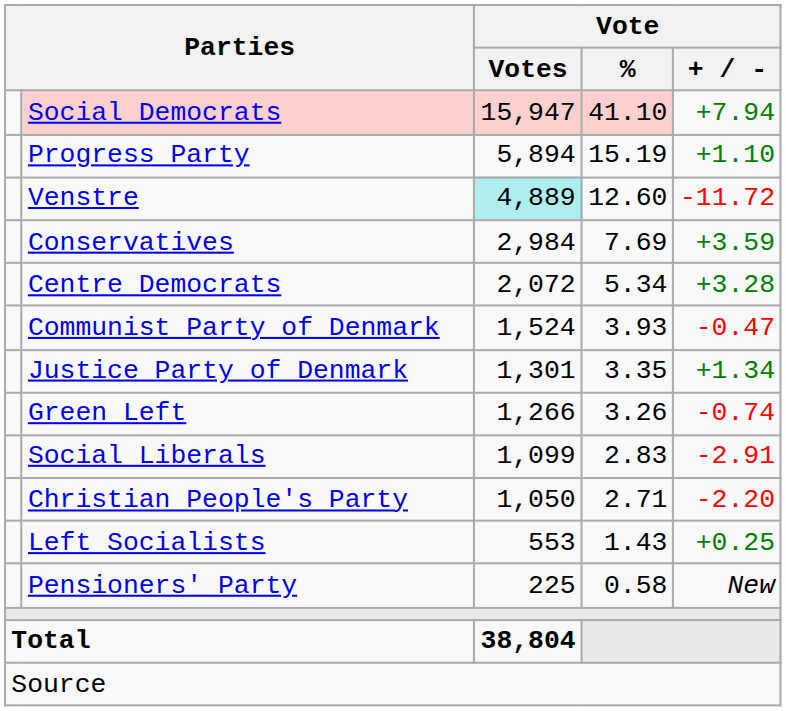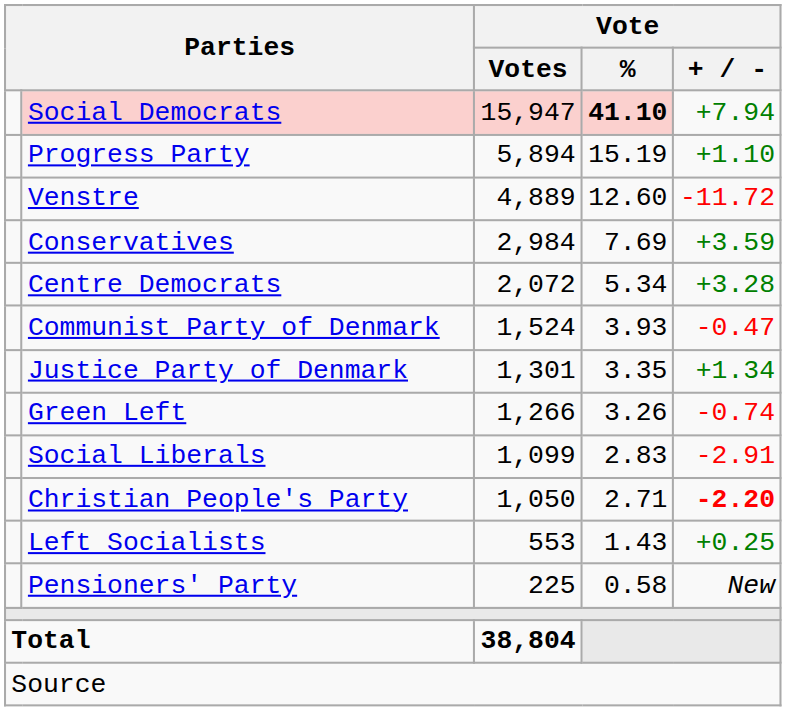 <table class="wikitable" style="text-align:right;">
 <tr>
 <th style="text-align:centre;" rowspan="2" colspan="2" width="225">Parties</th>
 <th colspan="3">Vote</th>
 </tr>
 <tr>
 <th width="15">Votes</th>
 <th width="15">%</th>
 <th width="15">+ / -</th>
 </tr>
 <tr>
 <td width="2" style="color:inherit;background:"></td>
 <td bgcolor=#fbd0ce  align="left"><a href='#'>Social Democrats</a></td>
 <td bgcolor=#fbd0ce>15,947</td>
-<td bgcolor=#fbd0ce>41.10</td>
+<td bgcolor=#fbd0ce><strong>41.10</strong></td>
 <td style=color:green;>+7.94</td>
 </tr>
 <tr>
 <td width="2" style="color:inherit;background:"></td>
 <td align="left"><a href='#'>Progress Party</a></td>
 <td>5,894</td>
 <td>15.19</td>
 <td style=color:green;>+1.10</td>
 </tr>
 <tr>
 <td width="2" style="color:inherit;background:"></td>
 <td align="left"><a href='#'>Venstre</a></td>
-<td style="background: paleturquoise;">4,889</td>
+<td>4,889</td>
 <td>12.60</td>
 <td style=color:red;>-11.72</td>
 </tr>
 <tr>
 <td width="2" style="color:inherit;background:"></td>
 <td align="left"><a href='#'>Conservatives</a></td>
 <td>2,984</td>
 <td>7.69</td>
 <td style=color:green;>+3.59</td>
 </tr>
 <tr>
 <td width="2" style="color:inherit;background:"></td>
 <td align="left"><a href='#'>Centre Democrats</a></td>
 <td>2,072</td>
 <td>5.34</td>
 <td style=color:green;>+3.28</td>
 </tr>
 <tr>
 <td width="2" style="color:inherit;background:"></td>
 <td align="left"><a href='#'>Communist Party of Denmark</a></td>
 <td>1,524</td>
 <td>3.93</td>
 <td style=color:red;>-0.47</td>
 </tr>
 <tr>
 <td width="2" style="color:inherit;background:"></td>
 <td align="left"><a href='#'>Justice Party of Denmark</a></td>
 <td>1,301</td>
 <td>3.35</td>
 <td style=color:green;>+1.34</td>
 </tr>
 <tr>
 <td width="2" style="color:inherit;background:"></td>
 <td align="left"><a href='#'>Green Left</a></td>
 <td>1,266</td>
 <td>3.26</td>
 <td style=color:red;>-0.74</td>
 </tr>
 <tr>
 <td width="2" style="color:inherit;background:"></td>
 <td align="left"><a href='#'>Social Liberals</a></td>
 <td>1,099</td>
 <td>2.83</td>
 <td style=color:red;>-2.91</td>
 </tr>
 <tr>
 <td width="2" style="color:inherit;background:"></td>
 <td align="left"><a href='#'>Christian People's Party</a></td>
 <td>1,050</td>
 <td>2.71</td>
-<td style=color:red;>-2.20</td>
+<td style=color:red;><strong>-2.20</strong></td>
 </tr>
 <tr>
 <td width="2" style="color:inherit;background:"></td>
 <td align="left"><a href='#'>Left Socialists</a></td>
 <td>553</td>
 <td>1.43</td>
 <td style=color:green;>+0.25</td>
 </tr>
 <tr>
 <td width="2" style="color:inherit;background:"></td>
 <td align="left"><a href='#'>Pensioners' Party</a></td>
 <td>225</td>
 <td>0.58</td>
 <td><em>New</em></td>
 </tr>
 <tr>
 <td colspan="7" bgcolor="#E9E9E9"></td>
 </tr>
 <tr>
 <td align="left" colspan="2"><strong>Total</strong></td>
 <td><strong>38,804</strong></td>
 <td bgcolor="#E9E9E9" colspan="2"></td>
 </tr>
 <tr>
 <td align="left" colspan="6">Source</td>
 </tr>
 </table>
